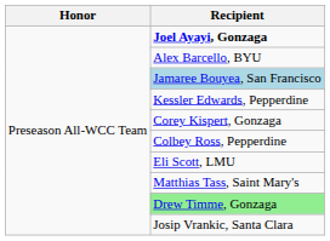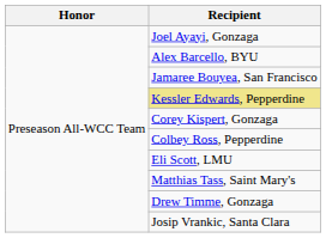 <table class="wikitable">
 <tr>
 <th>Honor</th>
 <th>Recipient</th>
 </tr>
 <tr>
 <td rowspan="10">Preseason All-WCC Team</td>
-<td><strong><a href='#'>Joel Ayayi</a>, Gonzaga</strong></td>
+<td><a href='#'>Joel Ayayi</a>, Gonzaga</td>
 </tr>
 <tr>
 <td><a href='#'>Alex Barcello</a>, BYU</td>
 </tr>
 <tr>
-<td style="background: lightblue;"><a href='#'>Jamaree Bouyea</a>, San Francisco</td>
+<td><a href='#'>Jamaree Bouyea</a>, San Francisco</td>
 </tr>
 <tr>
-<td><a href='#'>Kessler Edwards</a>, Pepperdine</td>
+<td style="background: khaki;"><a href='#'>Kessler Edwards</a>, Pepperdine</td>
 </tr>
 <tr>
 <td><a href='#'>Corey Kispert</a>, Gonzaga</td>
 </tr>
 <tr>
 <td><a href='#'>Colbey Ross</a>, Pepperdine</td>
 </tr>
 <tr>
 <td><a href='#'>Eli Scott</a>, LMU</td>
 </tr>
 <tr>
 <td><a href='#'>Matthias Tass</a>, Saint Mary's</td>
 </tr>
 <tr>
-<td style="background: lightgreen;"><a href='#'>Drew Timme</a>, Gonzaga</td>
+<td><a href='#'>Drew Timme</a>, Gonzaga</td>
 </tr>
 <tr>
 <td>Josip Vrankic, Santa Clara</td>
 </tr>
 </table>
